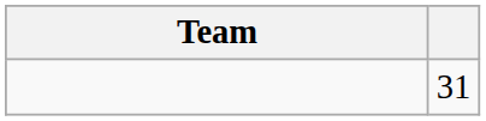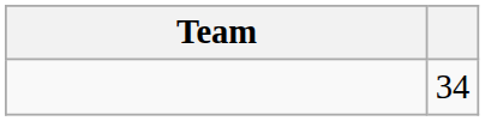 <table class="wikitable">
 <tr>
 <th style="width:190px">Team</th>
 <th></th>
 </tr>
 <tr>
 <td></td>
-<td style="text-align:center">31</td>
+<td style="text-align:center">34</td>
 </tr>
 </table>
